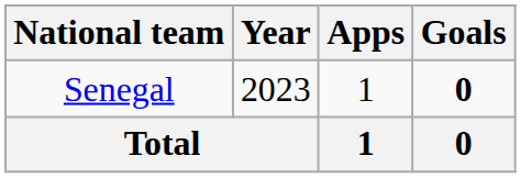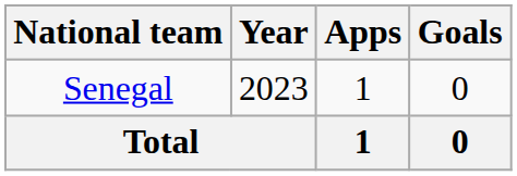 <table class="wikitable" style="text-align:center">
 <tr>
 <th>National team</th>
 <th>Year</th>
 <th>Apps</th>
 <th>Goals</th>
 </tr>
 <tr>
 <td><a href='#'>Senegal</a></td>
 <td>2023</td>
 <td>1</td>
-<td><strong>0</strong></td>
+<td>0</td>
 </tr>
 <tr>
 <th colspan="2">Total</th>
 <th>1</th>
 <th>0</th>
 </tr>
 </table>
